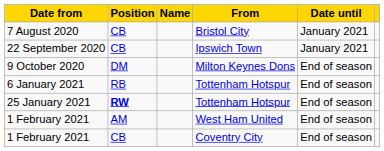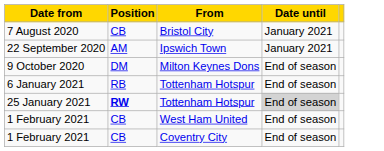 <table class="wikitable plainrowheaders sortable">
 <tr>
 <th style="background:#ffd700; color:#000000; ">Date from</th>
 <th style="background:#ffd700; color:#000000; ">Position</th>
-<th style="background:#ffd700; color:#000000; ">Name</th>
 <th style="background:#ffd700; color:#000000; ">From</th>
 <th style="background:#ffd700; color:#000000; ">Date until</th>
 <th style="background:#ffd700; color:#000000; "></th>
 </tr>
 <tr>
 <td>7 August 2020</td>
 <td><a href='#'>CB</a></td>
-<td></td>
 <td><a href='#'>Bristol City</a></td>
 <td>January 2021</td>
 <td></td>
 </tr>
 <tr>
 <td>22 September 2020</td>
-<td><a href='#'>CB</a></td>
-<td></td>
+<td><a href='#'>AM</a></td>
 <td><a href='#'>Ipswich Town</a></td>
 <td>January 2021</td>
 <td></td>
 </tr>
 <tr>
 <td>9 October 2020</td>
 <td><a href='#'>DM</a></td>
-<td></td>
 <td><a href='#'>Milton Keynes Dons</a></td>
 <td>End of season</td>
 <td></td>
 </tr>
 <tr>
 <td>6 January 2021</td>
 <td><a href='#'>RB</a></td>
-<td></td>
 <td><a href='#'>Tottenham Hotspur</a></td>
 <td>End of season</td>
 <td></td>
 </tr>
 <tr>
 <td>25 January 2021</td>
 <td><strong><a href='#'>RW</a></strong></td>
-<td></td>
 <td><a href='#'>Tottenham Hotspur</a></td>
-<td>End of season</td>
+<td style="background: lightgrey;">End of season</td>
 <td></td>
 </tr>
 <tr>
 <td>1 February 2021</td>
-<td><a href='#'>AM</a></td>
-<td></td>
+<td><a href='#'>CB</a></td>
 <td><a href='#'>West Ham United</a></td>
 <td>End of season</td>
 <td></td>
 </tr>
 <tr>
 <td>1 February 2021</td>
 <td><a href='#'>CB</a></td>
-<td></td>
 <td><a href='#'>Coventry City</a></td>
 <td>End of season</td>
 <td></td>
 </tr>
 </table>
